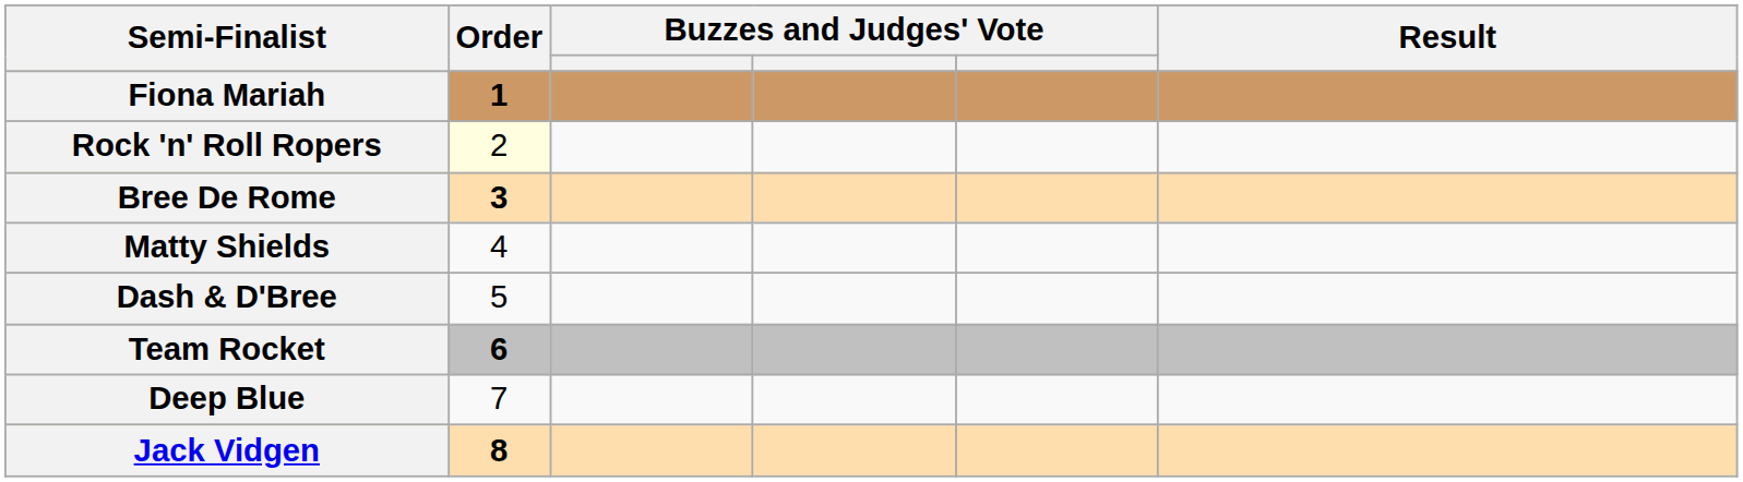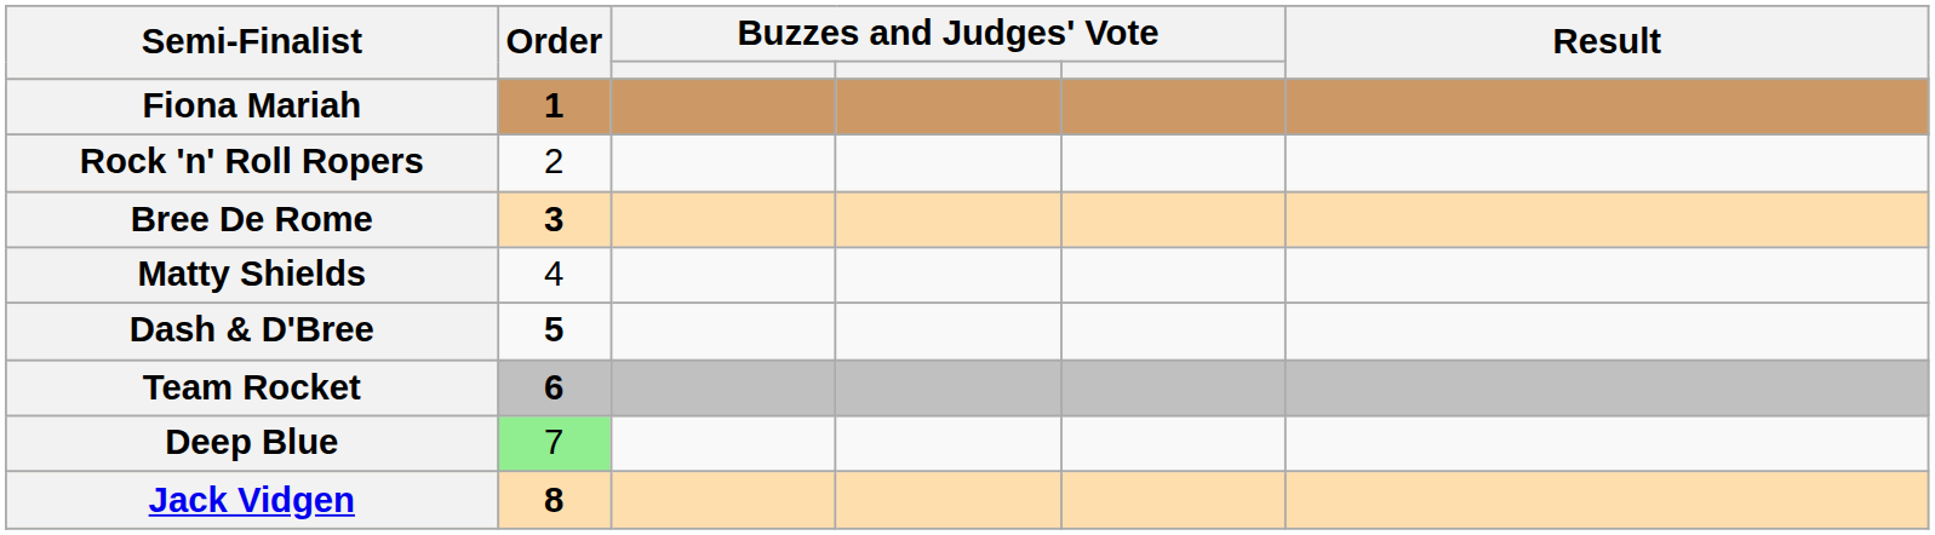 <table class="wikitable plainrowheaders sortable" style="text-align:center;">
 <tr>
 <th scope="col" rowspan=2 class="unsortable" style="width:17em;">Semi-Finalist</th>
 <th scope="col" rowspan=2 style="width:1em;">Order</th>
 <th scope="col" colspan=3 class="unsortable" style="width:24em;">Buzzes and Judges' Vote</th>
 <th scope="col" rowspan=2 style="width:23em;">Result</th>
 </tr>
 <tr>
 <th scope="col" class="unsortable" style="width:6em;"></th>
 <th scope="col" class="unsortable" style="width:6em;"></th>
 <th scope="col" class="unsortable" style="width:6em;"></th>
 </tr>
 <tr bgcolor=#c96>
 <th scope="row"><strong>Fiona Mariah</strong></th>
 <td><strong>1</strong></td>
 <td style="text-align:center;"></td>
 <td style="text-align:center;"></td>
 <td style="text-align:center;"></td>
 <td><strong></strong></td>
 </tr>
 <tr>
 <th scope="row">Rock 'n' Roll Ropers</th>
-<td style="background: lightyellow;">2</td>
+<td>2</td>
 <td style="text-align:center;"></td>
 <td style="text-align:center;"></td>
 <td style="text-align:center;"></td>
 <td></td>
 </tr>
 <tr bgcolor=navajowhite>
 <th scope="row"><strong>Bree De Rome</strong></th>
 <td><strong>3</strong></td>
 <td style="text-align:center;"></td>
 <td style="text-align:center;"></td>
 <td style="text-align:center;"></td>
 <td><strong></strong></td>
 </tr>
 <tr>
 <th scope="row">Matty Shields</th>
 <td>4</td>
 <td style="text-align:center;"></td>
 <td style="text-align:center;"></td>
 <td style="text-align:center;"></td>
 <td></td>
 </tr>
 <tr>
 <th scope="row">Dash & D'Bree</th>
-<td>5</td>
+<td><strong>5</strong></td>
 <td style="text-align:center;"></td>
 <td style="text-align:center;"></td>
 <td style="text-align:center;"></td>
 <td></td>
 </tr>
 <tr bgcolor=silver>
 <th scope="row"><strong>Team Rocket</strong></th>
 <td><strong>6</strong></td>
 <td style="text-align:center;"></td>
 <td style="text-align:center;"></td>
 <td style="text-align:center;"></td>
 <td><strong></strong></td>
 </tr>
 <tr>
 <th scope="row">Deep Blue</th>
-<td>7</td>
+<td style="background: lightgreen;">7</td>
 <td style="text-align:center;"></td>
 <td style="text-align:center;"></td>
 <td style="text-align:center;"></td>
 <td></td>
 </tr>
 <tr bgcolor=navajowhite>
 <th scope="row"><strong><a href='#'>Jack Vidgen</a></strong></th>
 <td><strong>8</strong></td>
 <td style="text-align:center;"></td>
 <td style="text-align:center;"></td>
 <td style="text-align:center;"></td>
 <td><strong></strong></td>
 </tr>
 </table>
